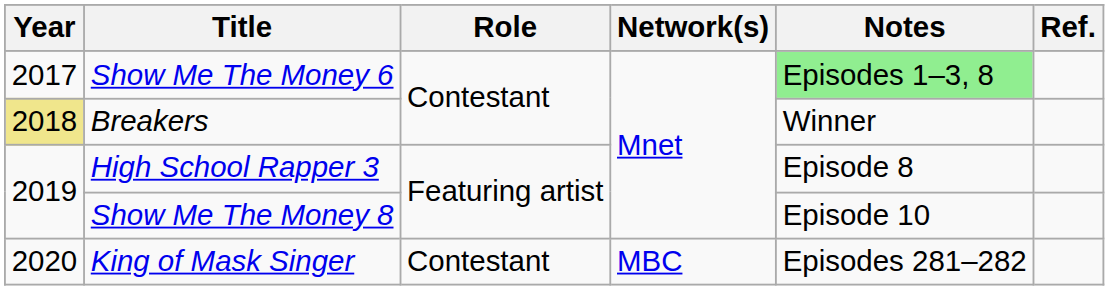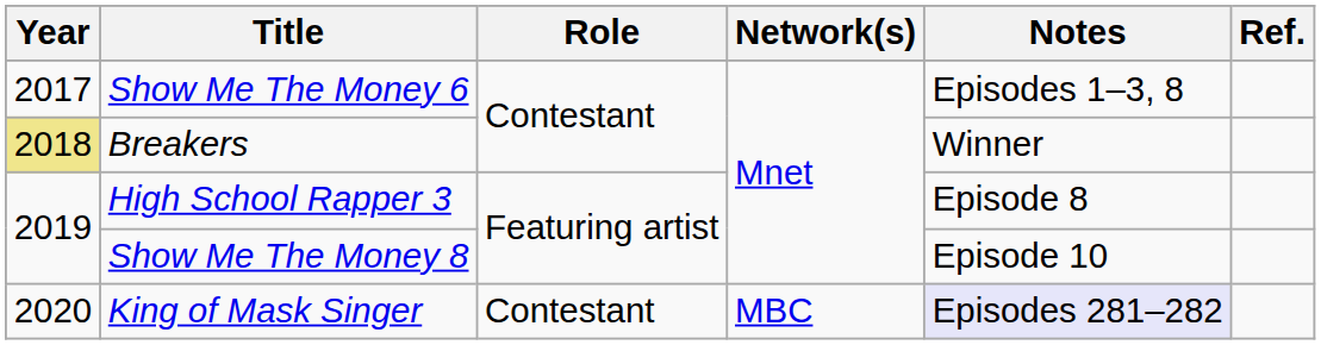 <table class="wikitable plainrowheaders">
 <tr>
 <th>Year</th>
 <th>Title</th>
 <th>Role</th>
 <th>Network(s)</th>
 <th class="unsortable">Notes</th>
 <th>Ref.</th>
 </tr>
 <tr>
 <td>2017</td>
 <td><em><a href='#'>Show Me The Money 6</a></em></td>
 <td rowspan="2">Contestant</td>
 <td rowspan="4"><a href='#'>Mnet</a></td>
-<td style="background: lightgreen;">Episodes 1–3, 8</td>
+<td>Episodes 1–3, 8</td>
 <td></td>
 </tr>
 <tr>
 <td style="background: khaki;">2018</td>
 <td><em>Breakers</em></td>
 <td>Winner</td>
 <td></td>
 </tr>
 <tr>
 <td rowspan="2">2019</td>
 <td><em><a href='#'>High School Rapper 3</a></em></td>
 <td rowspan="2">Featuring artist</td>
 <td>Episode 8</td>
 <td></td>
 </tr>
 <tr>
 <td><em><a href='#'>Show Me The Money 8</a></em></td>
 <td>Episode 10</td>
 <td></td>
 </tr>
 <tr>
 <td>2020</td>
 <td><em><a href='#'>King of Mask Singer</a></em></td>
 <td>Contestant</td>
 <td><a href='#'>MBC</a></td>
-<td>Episodes 281–282</td>
+<td style="background: lavender;">Episodes 281–282</td>
 <td></td>
 </tr>
 </table>
